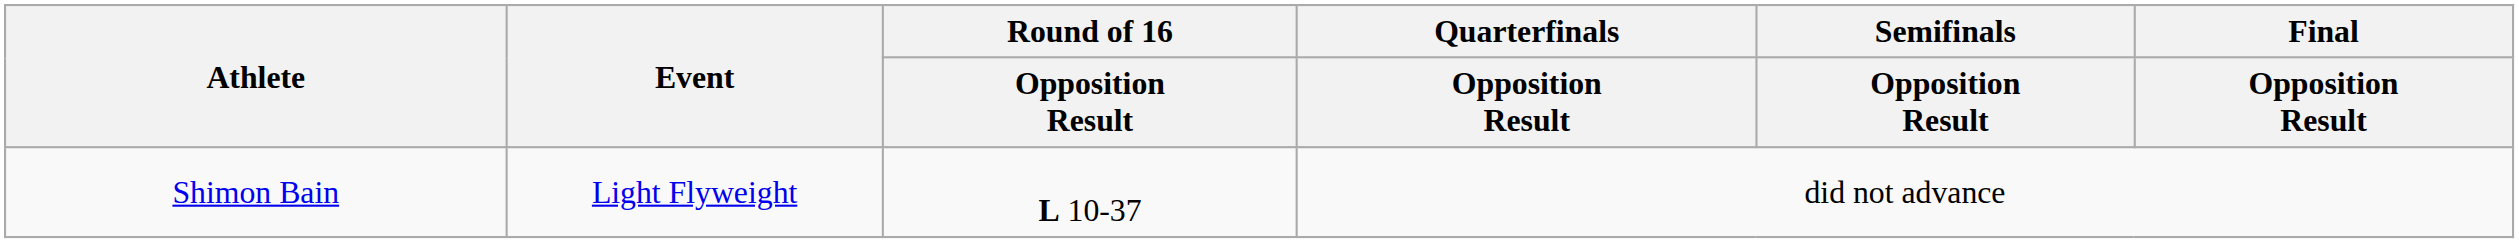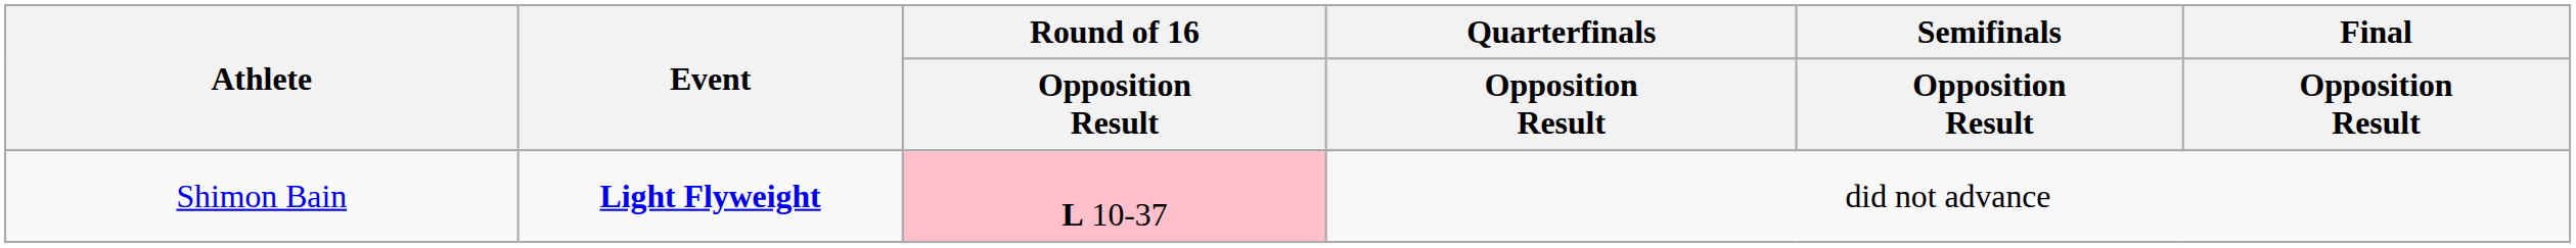 <table class="wikitable" style="font-size:95%; text-align:center;" width="95%">
 <tr>
 <th rowspan="2">Athlete</th>
 <th rowspan="2">Event</th>
 <th>Round of 16</th>
 <th>Quarterfinals</th>
 <th>Semifinals</th>
 <th>Final</th>
 </tr>
 <tr>
 <th>Opposition<br>Result</th>
 <th>Opposition<br>Result</th>
 <th>Opposition<br>Result</th>
 <th>Opposition<br>Result</th>
 </tr>
 <tr>
 <td width=20%><a href='#'>Shimon Bain</a></td>
-<td width=15%><a href='#'>Light Flyweight</a></td>
-<td><br><strong>L</strong> 10-37</td>
+<td width=15%><strong><a href='#'>Light Flyweight</a></strong></td>
+<td style="background: pink;"><br><strong>L</strong> 10-37</td>
 <td colspan=3>did not advance</td>
 </tr>
 </table>
